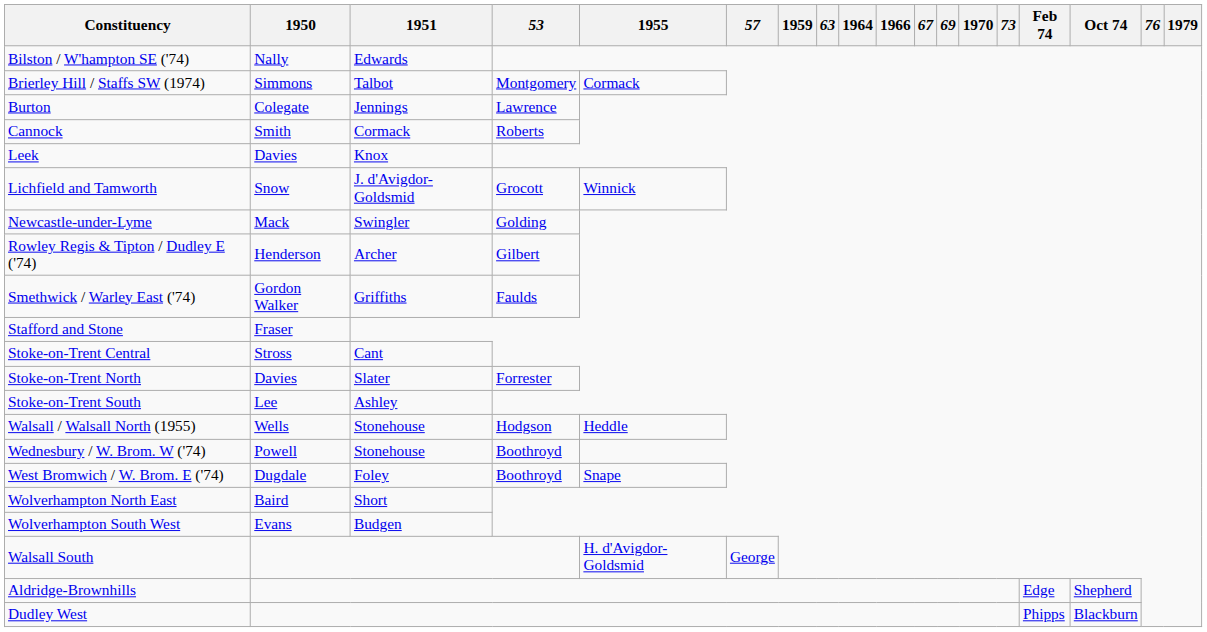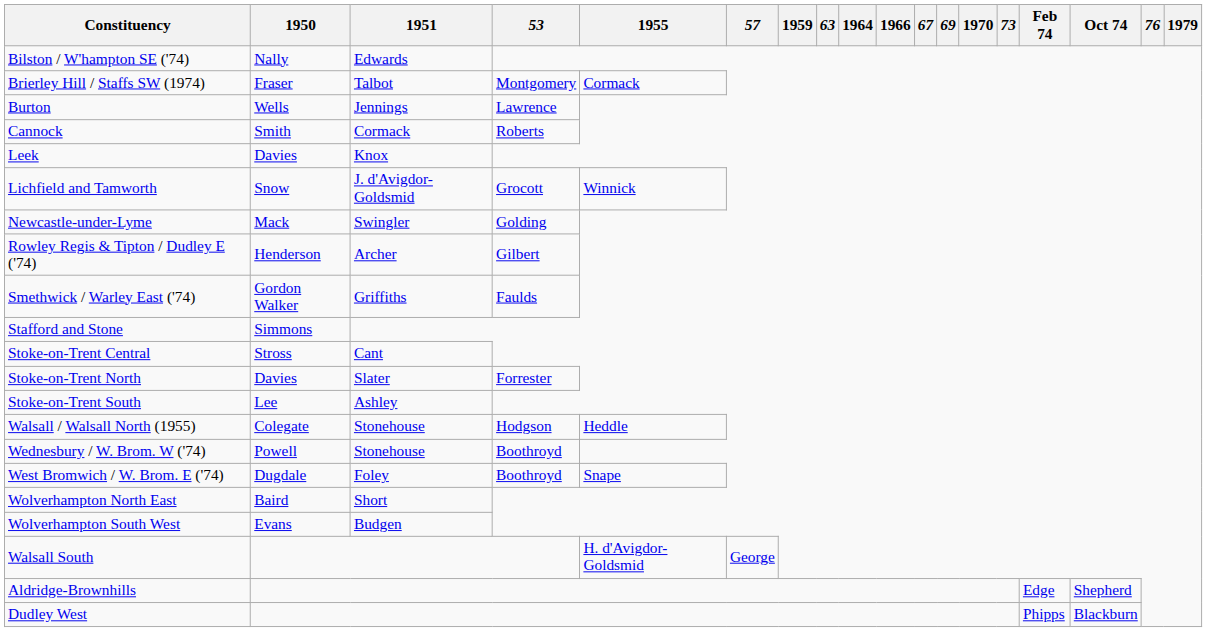 <table class="wikitable">
 <tr>
 <th>Constituency</th>
 <th>1950</th>
 <th>1951</th>
 <th><em>53</em></th>
 <th>1955</th>
 <th><em>57</em></th>
 <th>1959</th>
 <th><em>63</em></th>
 <th>1964</th>
 <th>1966</th>
 <th><em>67</em></th>
 <th><em>69</em></th>
 <th>1970</th>
 <th><em>73</em></th>
 <th>Feb 74</th>
 <th>Oct 74</th>
 <th><em>76</em></th>
 <th>1979</th>
 </tr>
 <tr>
 <td><a href='#'>Bilston</a> / <a href='#'>W'hampton SE</a> ('74)</td>
 <td><a href='#'>Nally</a></td>
 <td><a href='#'>Edwards</a></td>
 </tr>
 <tr>
 <td><a href='#'>Brierley Hill</a> / <a href='#'>Staffs SW</a> (1974)</td>
-<td><a href='#'>Simmons</a></td>
+<td><a href='#'>Fraser</a></td>
 <td><a href='#'>Talbot</a></td>
 <td><a href='#'>Montgomery</a></td>
 <td><a href='#'>Cormack</a></td>
 </tr>
 <tr>
 <td><a href='#'>Burton</a></td>
-<td><a href='#'>Colegate</a></td>
+<td><a href='#'>Wells</a></td>
 <td><a href='#'>Jennings</a></td>
 <td><a href='#'>Lawrence</a></td>
 </tr>
 <tr>
 <td><a href='#'>Cannock</a></td>
 <td><a href='#'>Smith</a></td>
 <td><a href='#'>Cormack</a></td>
 <td><a href='#'>Roberts</a></td>
 </tr>
 <tr>
 <td><a href='#'>Leek</a></td>
 <td><a href='#'>Davies</a></td>
 <td><a href='#'>Knox</a></td>
 </tr>
 <tr>
 <td><a href='#'>Lichfield and Tamworth</a></td>
 <td><a href='#'>Snow</a></td>
 <td><a href='#'>J. d'Avigdor-Goldsmid</a></td>
 <td><a href='#'>Grocott</a></td>
 <td><a href='#'>Winnick</a></td>
 </tr>
 <tr>
 <td><a href='#'>Newcastle-under-Lyme</a></td>
 <td><a href='#'>Mack</a></td>
 <td><a href='#'>Swingler</a></td>
 <td><a href='#'>Golding</a></td>
 </tr>
 <tr>
 <td><a href='#'>Rowley Regis & Tipton</a> / <a href='#'>Dudley E</a> ('74)</td>
 <td><a href='#'>Henderson</a></td>
 <td><a href='#'>Archer</a></td>
 <td><a href='#'>Gilbert</a></td>
 </tr>
 <tr>
 <td><a href='#'>Smethwick</a> /  <a href='#'>Warley East</a> ('74)</td>
 <td><a href='#'>Gordon Walker</a></td>
 <td><a href='#'>Griffiths</a></td>
 <td><a href='#'>Faulds</a></td>
 </tr>
 <tr>
 <td><a href='#'>Stafford and Stone</a></td>
-<td><a href='#'>Fraser</a></td>
+<td><a href='#'>Simmons</a></td>
 </tr>
 <tr>
 <td><a href='#'>Stoke-on-Trent Central</a></td>
 <td><a href='#'>Stross</a></td>
 <td><a href='#'>Cant</a></td>
 </tr>
 <tr>
 <td><a href='#'>Stoke-on-Trent North</a></td>
 <td><a href='#'>Davies</a></td>
 <td><a href='#'>Slater</a></td>
 <td><a href='#'>Forrester</a></td>
 </tr>
 <tr>
 <td><a href='#'>Stoke-on-Trent South</a></td>
 <td><a href='#'>Lee</a></td>
 <td><a href='#'>Ashley</a></td>
 </tr>
 <tr>
 <td><a href='#'>Walsall</a> / <a href='#'>Walsall North</a> (1955)</td>
-<td><a href='#'>Wells</a></td>
+<td><a href='#'>Colegate</a></td>
 <td><a href='#'>Stonehouse</a></td>
 <td><a href='#'>Hodgson</a></td>
 <td><a href='#'>Heddle</a></td>
 </tr>
 <tr>
 <td><a href='#'>Wednesbury</a> / <a href='#'>W. Brom. W</a> ('74)</td>
 <td><a href='#'>Powell</a></td>
 <td><a href='#'>Stonehouse</a></td>
 <td><a href='#'>Boothroyd</a></td>
 </tr>
 <tr>
 <td><a href='#'>West Bromwich</a> / <a href='#'>W. Brom. E</a> ('74)</td>
 <td><a href='#'>Dugdale</a></td>
 <td><a href='#'>Foley</a></td>
 <td><a href='#'>Boothroyd</a></td>
 <td><a href='#'>Snape</a></td>
 </tr>
 <tr>
 <td><a href='#'>Wolverhampton North East</a></td>
 <td><a href='#'>Baird</a></td>
 <td><a href='#'>Short</a></td>
 </tr>
 <tr>
 <td><a href='#'>Wolverhampton South West</a></td>
 <td><a href='#'>Evans</a></td>
 <td><a href='#'>Budgen</a></td>
 </tr>
 <tr>
 <td><a href='#'>Walsall South</a></td>
 <td colspan="3"></td>
 <td><a href='#'>H. d'Avigdor-Goldsmid</a></td>
 <td><a href='#'>George</a></td>
 </tr>
 <tr>
 <td><a href='#'>Aldridge-Brownhills</a></td>
 <td colspan="13"></td>
 <td><a href='#'>Edge</a></td>
 <td><a href='#'>Shepherd</a></td>
 </tr>
 <tr>
 <td><a href='#'>Dudley West</a></td>
 <td colspan="13"></td>
 <td><a href='#'>Phipps</a></td>
 <td><a href='#'>Blackburn</a></td>
 </tr>
 </table>
